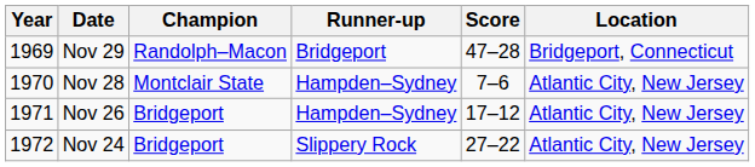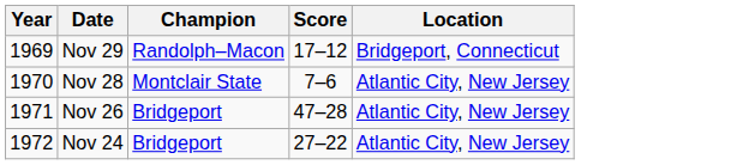 <table class="wikitable sortable">
 <tr>
 <th width=px>Year</th>
 <th width=px>Date</th>
 <th width=px>Champion</th>
-<th width=px>Runner-up</th>
 <th width=px>Score</th>
 <th width=px>Location</th>
 </tr>
 <tr>
 <td>1969</td>
 <td>Nov 29</td>
 <td><a href='#'>Randolph–Macon</a></td>
-<td><a href='#'>Bridgeport</a></td>
-<td align=center>47–28</td>
+<td align=center>17–12</td>
 <td><a href='#'>Bridgeport</a>, <a href='#'>Connecticut</a></td>
 </tr>
 <tr>
 <td>1970</td>
 <td>Nov 28</td>
 <td><a href='#'>Montclair State</a></td>
-<td><a href='#'>Hampden–Sydney</a></td>
 <td align=center>7–6</td>
 <td><a href='#'>Atlantic City</a>, <a href='#'>New Jersey</a></td>
 </tr>
 <tr>
 <td>1971</td>
 <td>Nov 26</td>
 <td><a href='#'>Bridgeport</a></td>
-<td><a href='#'>Hampden–Sydney</a></td>
-<td align=center>17–12</td>
+<td align=center>47–28</td>
 <td><a href='#'>Atlantic City</a>, <a href='#'>New Jersey</a></td>
 </tr>
 <tr>
 <td>1972</td>
 <td>Nov 24</td>
 <td><a href='#'>Bridgeport</a></td>
-<td><a href='#'>Slippery Rock</a></td>
 <td align=center>27–22</td>
 <td><a href='#'>Atlantic City</a>, <a href='#'>New Jersey</a></td>
 </tr>
 </table>
